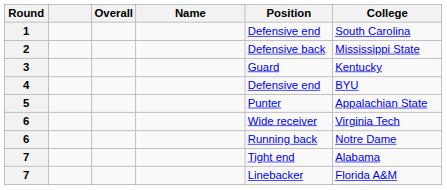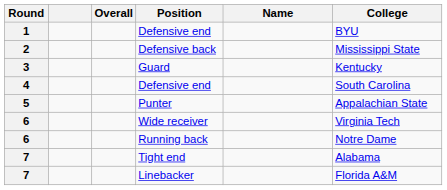 <table class="wikitable sortable">
 <tr>
 <th scope="col" style="width: 10%;">Round</th>
 <th scope="col" style="width: 10%;"></th>
 <th scope="col" style="width: 10%;">Overall</th>
+<th scope="col" style="width: 20%;">Position</th>
 <th scope="col" style="width: 25%;">Name</th>
-<th scope="col" style="width: 20%;">Position</th>
 <th scope="col" style="width: 25%;">College</th>
 </tr>
 <tr>
 <th scope="row">1</th>
 <td></td>
 <td></td>
+<td><a href='#'>Defensive end</a></td>
 <td></td>
-<td><a href='#'>Defensive end</a></td>
-<td><a href='#'>South Carolina</a></td>
+<td><a href='#'>BYU</a></td>
 </tr>
 <tr>
 <th scope="row">2</th>
 <td></td>
 <td></td>
+<td><a href='#'>Defensive back</a></td>
 <td></td>
-<td><a href='#'>Defensive back</a></td>
 <td><a href='#'>Mississippi State</a></td>
 </tr>
 <tr>
 <th scope="row">3</th>
 <td></td>
 <td></td>
+<td><a href='#'>Guard</a></td>
 <td></td>
-<td><a href='#'>Guard</a></td>
 <td><a href='#'>Kentucky</a></td>
 </tr>
 <tr>
 <th scope="row">4</th>
 <td></td>
 <td></td>
+<td><a href='#'>Defensive end</a></td>
 <td></td>
-<td><a href='#'>Defensive end</a></td>
-<td><a href='#'>BYU</a></td>
+<td><a href='#'>South Carolina</a></td>
 </tr>
 <tr>
 <th scope="row">5</th>
 <td></td>
 <td></td>
+<td><a href='#'>Punter</a></td>
 <td></td>
-<td><a href='#'>Punter</a></td>
 <td><a href='#'>Appalachian State</a></td>
 </tr>
 <tr>
 <th scope="row">6</th>
 <td></td>
 <td></td>
+<td><a href='#'>Wide receiver</a></td>
 <td></td>
-<td><a href='#'>Wide receiver</a></td>
 <td><a href='#'>Virginia Tech</a></td>
 </tr>
 <tr>
 <th scope="row">6</th>
 <td></td>
 <td></td>
+<td><a href='#'>Running back</a></td>
 <td></td>
-<td><a href='#'>Running back</a></td>
 <td><a href='#'>Notre Dame</a></td>
 </tr>
 <tr>
 <th scope="row">7</th>
 <td></td>
 <td></td>
+<td><a href='#'>Tight end</a></td>
 <td></td>
-<td><a href='#'>Tight end</a></td>
 <td><a href='#'>Alabama</a></td>
 </tr>
 <tr>
 <th scope="row">7</th>
 <td></td>
 <td></td>
+<td><a href='#'>Linebacker</a></td>
 <td></td>
-<td><a href='#'>Linebacker</a></td>
 <td><a href='#'>Florida A&M</a></td>
 </tr>
 </table>
